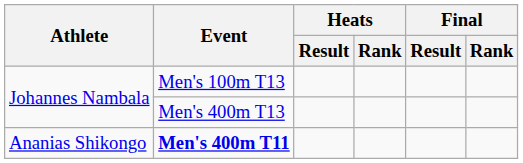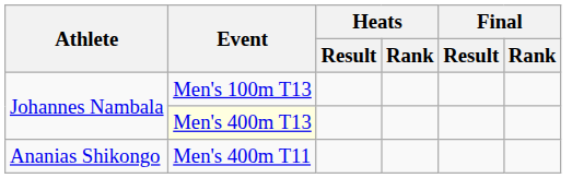 <table class=wikitable style="font-size:95%">
 <tr>
 <th rowspan="2">Athlete</th>
 <th rowspan="2">Event</th>
 <th colspan="2">Heats</th>
 <th colspan="2">Final</th>
 </tr>
 <tr>
 <th>Result</th>
 <th>Rank</th>
 <th>Result</th>
 <th>Rank</th>
 </tr>
 <tr>
 <td rowspan=2><a href='#'>Johannes Nambala</a></td>
 <td><a href='#'>Men's 100m T13</a></td>
 <td></td>
 <td></td>
 <td></td>
 <td></td>
 </tr>
 <tr>
-<td><a href='#'>Men's 400m T13</a></td>
+<td style="background: lightyellow;"><a href='#'>Men's 400m T13</a></td>
 <td></td>
 <td></td>
 <td></td>
 <td></td>
 </tr>
 <tr>
 <td rowspan=2><a href='#'>Ananias Shikongo</a></td>
-<td><strong><a href='#'>Men's 400m T11</a></strong></td>
+<td><a href='#'>Men's 400m T11</a></td>
 <td></td>
 <td></td>
 <td></td>
 <td></td>
 </tr>
 </table>
